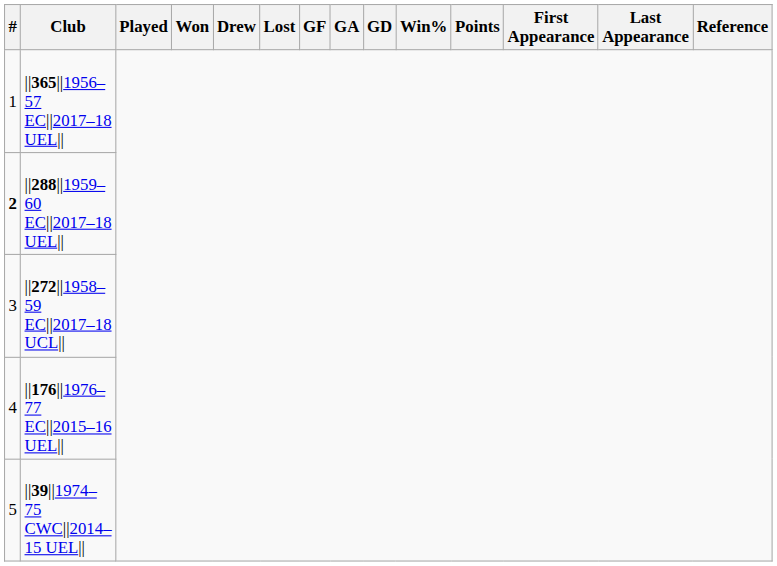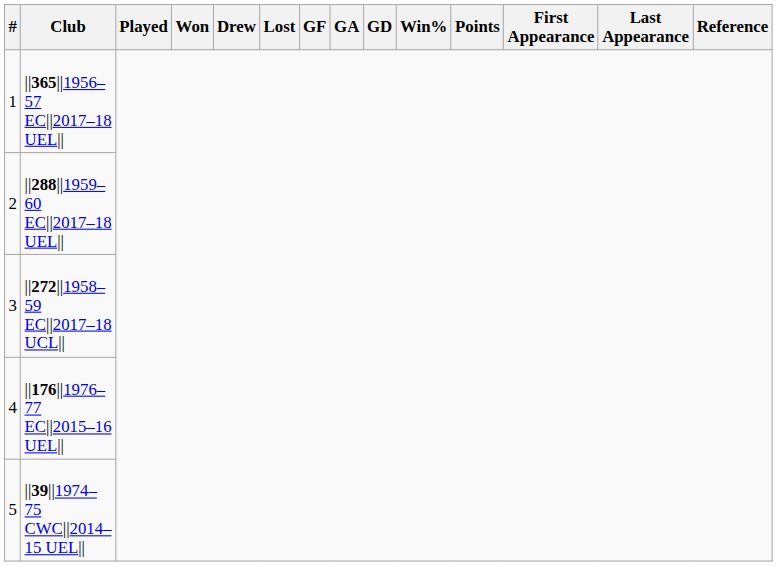 <table class="wikitable sortable" style="text-align: center;">
 <tr>
 <th>#</th>
 <th>Club</th>
 <th>Played</th>
 <th>Won</th>
 <th>Drew</th>
 <th>Lost</th>
 <th>GF</th>
 <th>GA</th>
 <th>GD</th>
 <th>Win%</th>
 <th>Points</th>
 <th>First Appearance</th>
 <th>Last Appearance</th>
 <th>Reference</th>
 </tr>
 <tr>
 <td>1</td>
 <td align=left><br>||<strong>365</strong>||<a href='#'>1956–57 EC</a>||<a href='#'>2017–18 UEL</a>||</td>
 </tr>
 <tr>
-<td><strong>2</strong></td>
+<td>2</td>
 <td align=left><br>||<strong>288</strong>||<a href='#'>1959–60 EC</a>||<a href='#'>2017–18 UEL</a>||</td>
 </tr>
 <tr>
 <td>3</td>
 <td align=left><br>||<strong>272</strong>||<a href='#'>1958–59 EC</a>||<a href='#'>2017–18 UCL</a>||</td>
 </tr>
 <tr>
 <td>4</td>
 <td align=left><br>||<strong>176</strong>||<a href='#'>1976–77 EC</a>||<a href='#'>2015–16 UEL</a>||</td>
 </tr>
 <tr>
 <td>5</td>
 <td align=left><br>||<strong>39</strong>||<a href='#'>1974–75 CWC</a>||<a href='#'>2014–15 UEL</a>||</td>
 </tr>
 </table>
